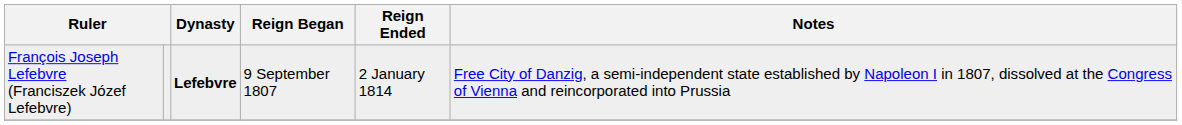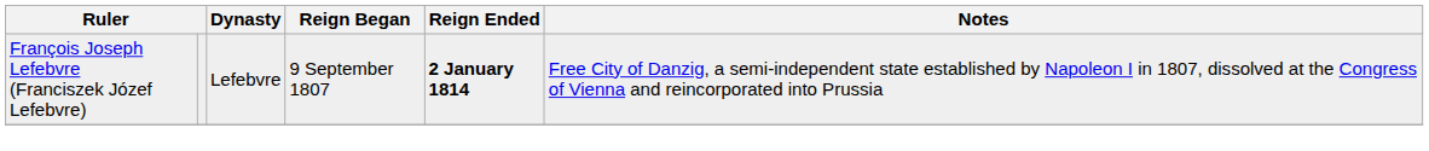 <table class="wikitable">
 <tr bgcolor=#cccccc>
 <th colspan=2>Ruler</th>
 <th>Dynasty</th>
 <th>Reign Began</th>
 <th>Reign Ended</th>
 <th>Notes</th>
 </tr>
 <tr bgcolor=#EFEFEF>
 <td><a href='#'>François Joseph Lefebvre</a><br>(Franciszek Józef Lefebvre)</td>
 <td></td>
-<td><strong>Lefebvre</strong></td>
+<td>Lefebvre</td>
 <td>9 September 1807</td>
-<td>2 January 1814</td>
+<td><strong>2 January 1814</strong></td>
 <td><a href='#'>Free City of Danzig</a>, a semi-independent state established by <a href='#'>Napoleon I</a> in 1807, dissolved at the <a href='#'>Congress of Vienna</a> and reincorporated into Prussia</td>
 </tr>
 <tr>
 </tr>
 </table>
